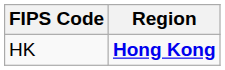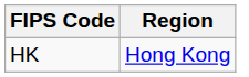 <table class="wikitable">
 <tr>
 <th>FIPS Code</th>
 <th>Region</th>
 </tr>
 <tr>
 <td>HK</td>
-<td><strong><a href='#'>Hong Kong</a></strong></td>
+<td><a href='#'>Hong Kong</a></td>
 </tr>
 </table>
